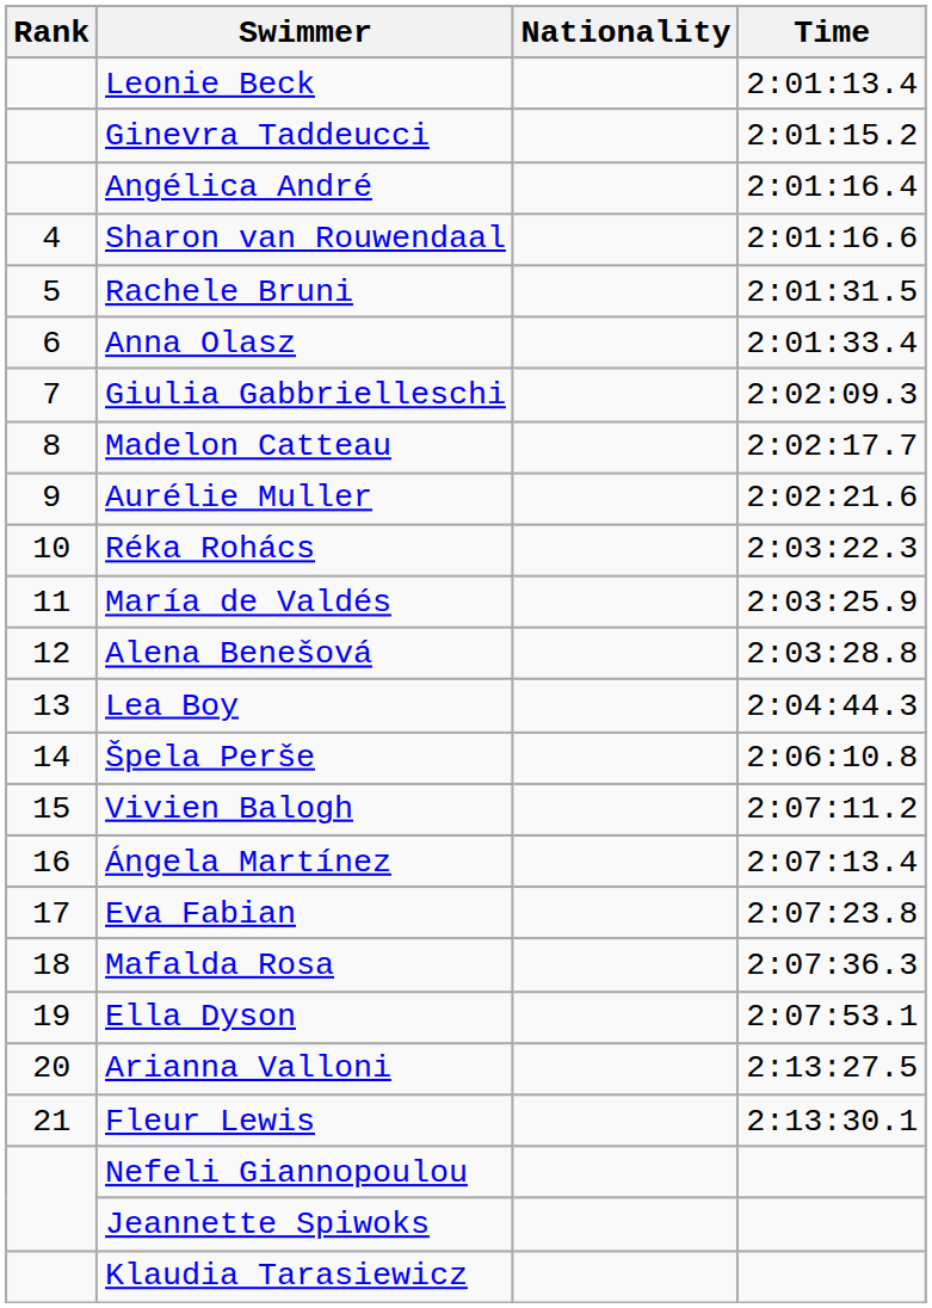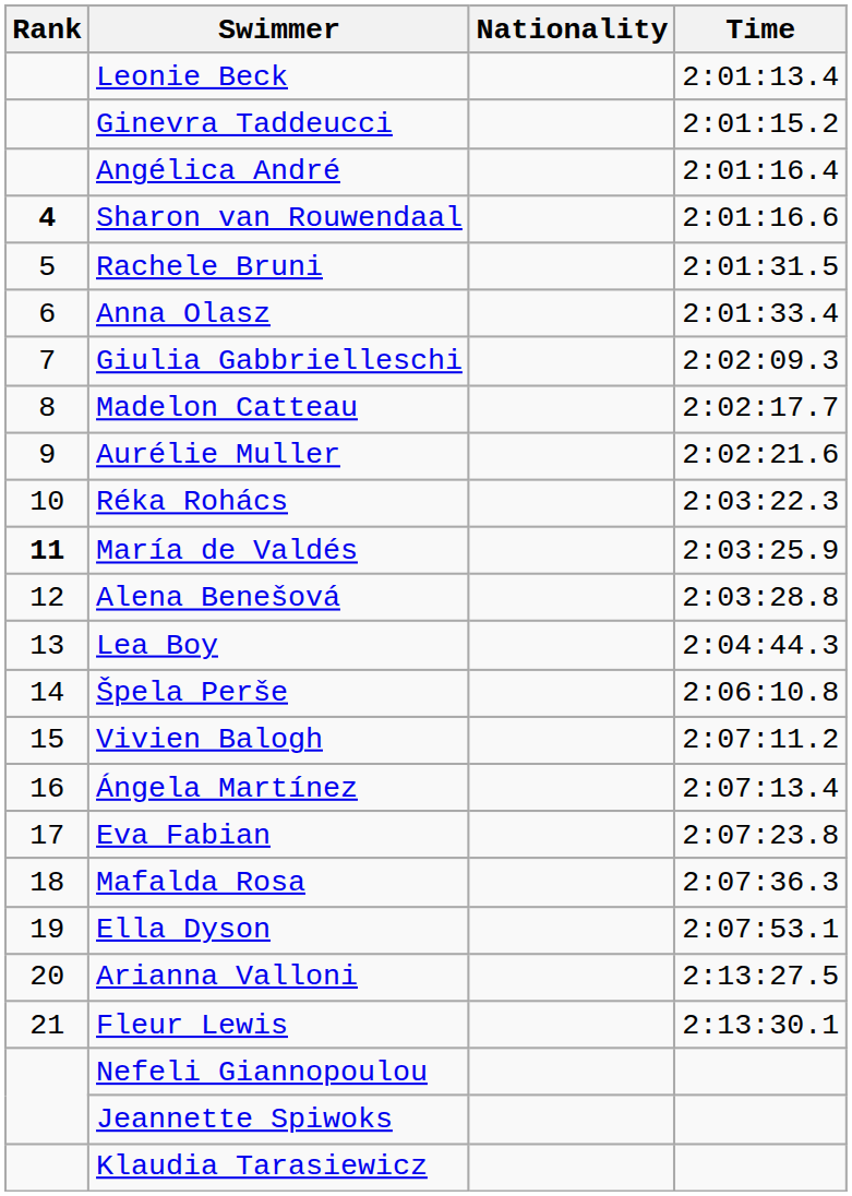 <table class="wikitable sortable" style="text-align:center">
 <tr>
 <th>Rank</th>
 <th>Swimmer</th>
 <th>Nationality</th>
 <th>Time</th>
 </tr>
 <tr>
 <td></td>
 <td align=left><a href='#'>Leonie Beck</a></td>
 <td align=left></td>
 <td>2:01:13.4</td>
 </tr>
 <tr>
 <td></td>
 <td align=left><a href='#'>Ginevra Taddeucci</a></td>
 <td align=left></td>
 <td>2:01:15.2</td>
 </tr>
 <tr>
 <td></td>
 <td align=left><a href='#'>Angélica André</a></td>
 <td align=left></td>
 <td>2:01:16.4</td>
 </tr>
 <tr>
-<td>4</td>
+<td><strong>4</strong></td>
 <td align=left><a href='#'>Sharon van Rouwendaal</a></td>
 <td align=left></td>
 <td>2:01:16.6</td>
 </tr>
 <tr>
 <td>5</td>
 <td align=left><a href='#'>Rachele Bruni</a></td>
 <td align=left></td>
 <td>2:01:31.5</td>
 </tr>
 <tr>
 <td>6</td>
 <td align=left><a href='#'>Anna Olasz</a></td>
 <td align=left></td>
 <td>2:01:33.4</td>
 </tr>
 <tr>
 <td>7</td>
 <td align=left><a href='#'>Giulia Gabbrielleschi</a></td>
 <td align=left></td>
 <td>2:02:09.3</td>
 </tr>
 <tr>
 <td>8</td>
 <td align=left><a href='#'>Madelon Catteau</a></td>
 <td align=left></td>
 <td>2:02:17.7</td>
 </tr>
 <tr>
 <td>9</td>
 <td align=left><a href='#'>Aurélie Muller</a></td>
 <td align=left></td>
 <td>2:02:21.6</td>
 </tr>
 <tr>
 <td>10</td>
 <td align=left><a href='#'>Réka Rohács</a></td>
 <td align=left></td>
 <td>2:03:22.3</td>
 </tr>
 <tr>
-<td>11</td>
+<td><strong>11</strong></td>
 <td align=left><a href='#'>María de Valdés</a></td>
 <td align=left></td>
 <td>2:03:25.9</td>
 </tr>
 <tr>
 <td>12</td>
 <td align=left><a href='#'>Alena Benešová</a></td>
 <td align=left></td>
 <td>2:03:28.8</td>
 </tr>
 <tr>
 <td>13</td>
 <td align=left><a href='#'>Lea Boy</a></td>
 <td align=left></td>
 <td>2:04:44.3</td>
 </tr>
 <tr>
 <td>14</td>
 <td align=left><a href='#'>Špela Perše</a></td>
 <td align=left></td>
 <td>2:06:10.8</td>
 </tr>
 <tr>
 <td>15</td>
 <td align=left><a href='#'>Vivien Balogh</a></td>
 <td align=left></td>
 <td>2:07:11.2</td>
 </tr>
 <tr>
 <td>16</td>
 <td align=left><a href='#'>Ángela Martínez</a></td>
 <td align=left></td>
 <td>2:07:13.4</td>
 </tr>
 <tr>
 <td>17</td>
 <td align=left><a href='#'>Eva Fabian</a></td>
 <td align=left></td>
 <td>2:07:23.8</td>
 </tr>
 <tr>
 <td>18</td>
 <td align=left><a href='#'>Mafalda Rosa</a></td>
 <td align=left></td>
 <td>2:07:36.3</td>
 </tr>
 <tr>
 <td>19</td>
 <td align=left><a href='#'>Ella Dyson</a></td>
 <td align=left></td>
 <td>2:07:53.1</td>
 </tr>
 <tr>
 <td>20</td>
 <td align=left><a href='#'>Arianna Valloni</a></td>
 <td align=left></td>
 <td>2:13:27.5</td>
 </tr>
 <tr>
 <td>21</td>
 <td align=left><a href='#'>Fleur Lewis</a></td>
 <td align=left></td>
 <td>2:13:30.1</td>
 </tr>
 <tr>
 <td rowspan=2></td>
 <td align=left><a href='#'>Nefeli Giannopoulou</a></td>
 <td align=left></td>
 <td></td>
 </tr>
 <tr>
 <td align=left><a href='#'>Jeannette Spiwoks</a></td>
 <td align=left></td>
 <td></td>
 </tr>
 <tr>
 <td></td>
 <td align=left><a href='#'>Klaudia Tarasiewicz</a></td>
 <td align=left></td>
 <td></td>
 </tr>
 </table>
